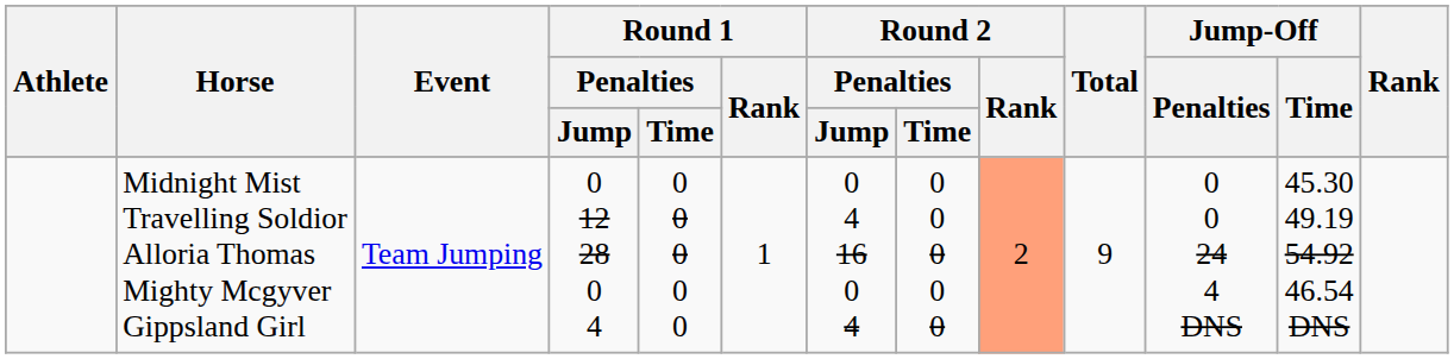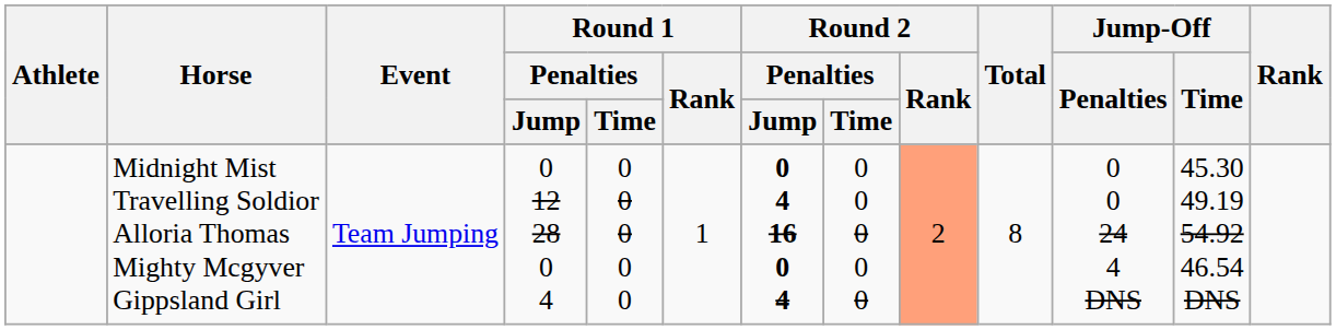 <table class="wikitable" border="1" style="font-size:90%">
 <tr>
 <th rowspan=3>Athlete</th>
 <th rowspan=3>Horse</th>
 <th rowspan=3>Event</th>
 <th colspan=3>Round 1</th>
 <th colspan=3>Round 2</th>
 <th rowspan=3>Total</th>
 <th colspan=2>Jump-Off</th>
 <th rowspan=3>Rank</th>
 </tr>
 <tr>
 <th colspan=2>Penalties</th>
 <th rowspan=2>Rank</th>
 <th colspan=2>Penalties</th>
 <th rowspan=2>Rank</th>
 <th rowspan=2>Penalties</th>
 <th rowspan=2>Time</th>
 </tr>
 <tr>
 <th>Jump</th>
 <th>Time</th>
 <th>Jump</th>
 <th>Time</th>
 </tr>
 <tr>
 <td><br><br><br><br></td>
 <td>Midnight Mist<br>Travelling Soldior<br>Alloria Thomas<br>Mighty Mcgyver<br>Gippsland Girl</td>
 <td><a href='#'>Team Jumping</a></td>
 <td align=center>0<br><s>12</s><br><s>28</s><br>0<br>4</td>
 <td align=center>0<br><s>0</s><br><s>0</s><br>0<br>0</td>
 <td align=center>1</td>
-<td align=center>0<br>4<br><s>16</s><br>0<br><s>4</s></td>
+<td align=center><strong>0<br>4<br><s>16</s><br>0<br><s>4</s></strong></td>
 <td align=center>0<br>0<br><s>0</s><br>0<br><s>0</s></td>
 <td align=center style="background: lightsalmon;">2</td>
-<td align=center>9</td>
+<td align=center>8</td>
 <td align=center>0<br>0<br><s>24</s><br>4<br><s>DNS</s></td>
 <td align=center>45.30<br>49.19<br><s>54.92</s><br>46.54<br><s>DNS</s></td>
 <td align=center></td>
 </tr>
 </table>
